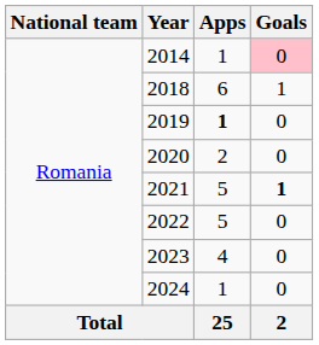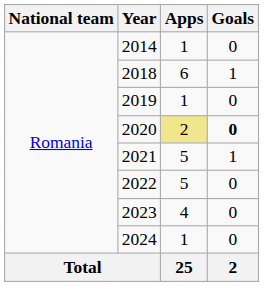 <table class="wikitable" style="text-align:center">
 <tr>
 <th>National team</th>
 <th>Year</th>
 <th>Apps</th>
 <th>Goals</th>
 </tr>
 <tr>
 <td rowspan="8"><a href='#'>Romania</a></td>
 <td>2014</td>
 <td>1</td>
-<td style="background: pink;">0</td>
+<td>0</td>
 </tr>
 <tr>
 <td>2018</td>
 <td>6</td>
 <td>1</td>
 </tr>
 <tr>
 <td>2019</td>
-<td><strong>1</strong></td>
+<td>1</td>
 <td>0</td>
 </tr>
 <tr>
 <td>2020</td>
-<td>2</td>
-<td>0</td>
+<td style="background: khaki;">2</td>
+<td><strong>0</strong></td>
 </tr>
 <tr>
 <td>2021</td>
 <td>5</td>
-<td><strong>1</strong></td>
+<td>1</td>
 </tr>
 <tr>
 <td>2022</td>
 <td>5</td>
 <td>0</td>
 </tr>
 <tr>
 <td>2023</td>
 <td>4</td>
 <td>0</td>
 </tr>
 <tr>
 <td>2024</td>
 <td>1</td>
 <td>0</td>
 </tr>
 <tr>
 <th colspan="2">Total</th>
 <th>25</th>
 <th>2</th>
 </tr>
 </table>
